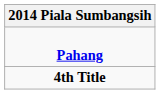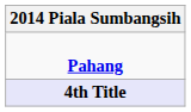 <table class="wikitable" style="text-align: center; margin: 0 auto;">
 <tr>
 <th>2014 Piala Sumbangsih</th>
 </tr>
 <tr>
 <td><br><a href='#'><strong>Pahang</strong></a></td>
 </tr>
 <tr>
-<td><strong>4th Title</strong></td>
+<td style="background: lavender;"><strong>4th Title</strong></td>
 </tr>
 </table>
